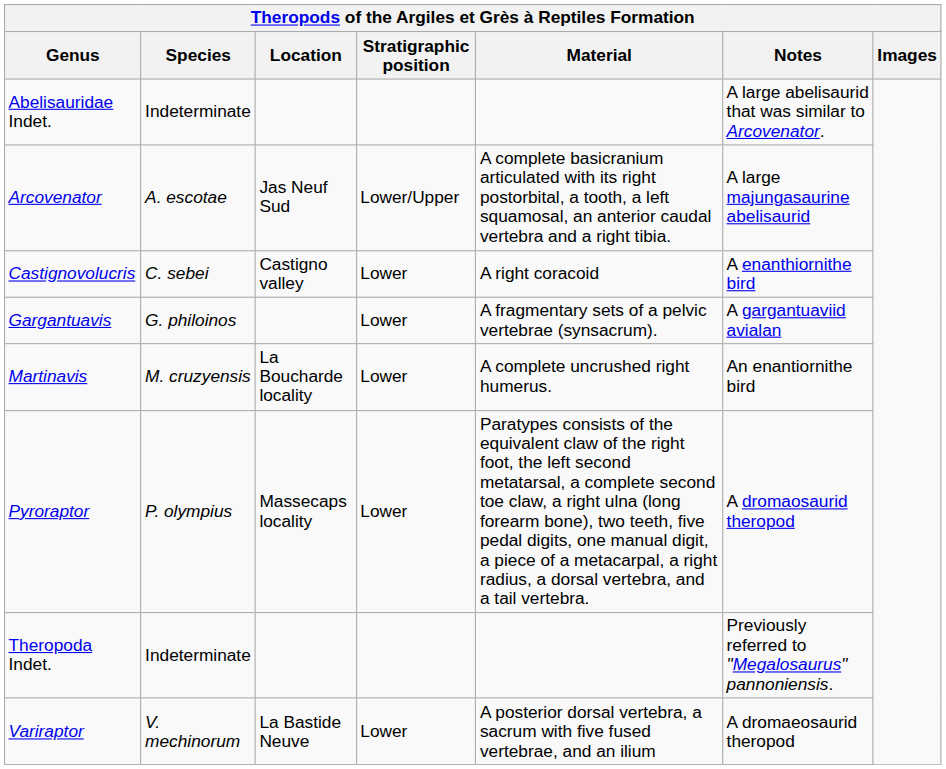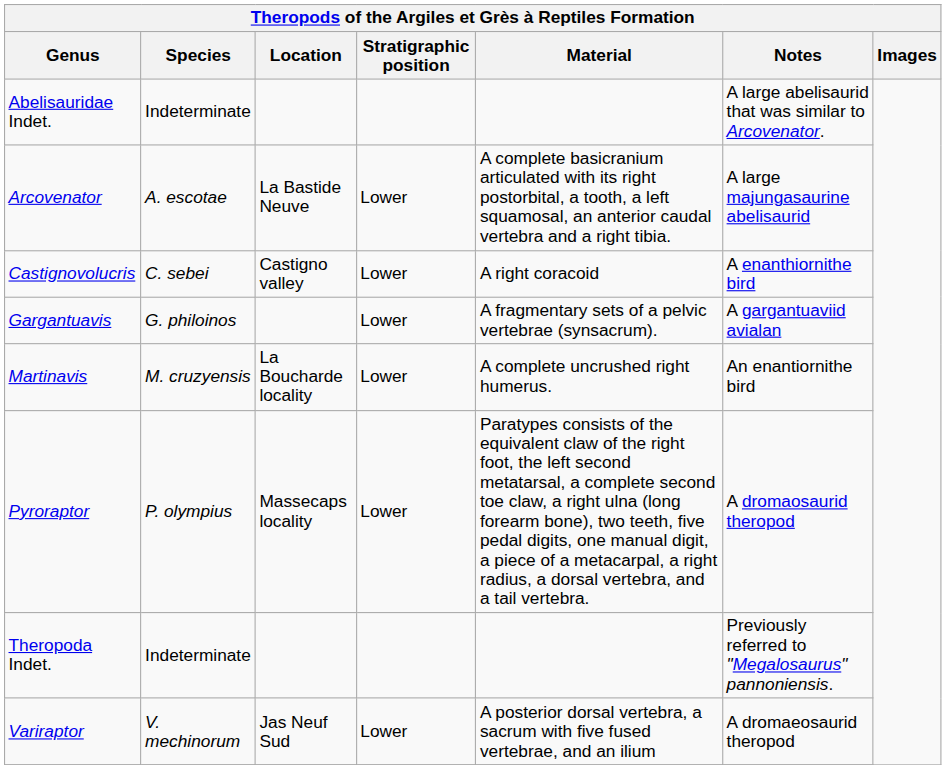 <table class="wikitable" align="center">
 <tr>
 <th colspan="7" align="center"><a href='#'>Theropods</a> of the Argiles et Grès à Reptiles Formation</th>
 </tr>
 <tr>
 <th>Genus</th>
 <th>Species</th>
 <th>Location</th>
 <th>Stratigraphic position</th>
 <th>Material</th>
 <th>Notes</th>
 <th>Images</th>
 </tr>
 <tr>
 <td><a href='#'>Abelisauridae</a> Indet.</td>
 <td>Indeterminate</td>
 <td></td>
 <td></td>
 <td></td>
 <td>A large abelisaurid that was similar to <em><a href='#'>Arcovenator</a></em>.</td>
 <td rowspan = 100><br>   </td>
 </tr>
 <tr>
 <td><em><a href='#'>Arcovenator</a></em></td>
 <td><em>A. escotae</em></td>
-<td>Jas Neuf Sud</td>
-<td>Lower/Upper</td>
+<td>La Bastide Neuve</td>
+<td>Lower</td>
 <td>A complete basicranium articulated with its right postorbital, a tooth, a left squamosal, an anterior caudal vertebra and a right tibia.</td>
 <td>A large <a href='#'>majungasaurine</a> <a href='#'>abelisaurid</a></td>
 </tr>
 <tr>
 <td><em><a href='#'>Castignovolucris</a></em></td>
 <td><em>C. sebei</em></td>
 <td>Castigno valley</td>
 <td>Lower</td>
 <td>A right coracoid</td>
 <td>A <a href='#'>enanthiornithe</a> <a href='#'>bird</a></td>
 </tr>
 <tr>
 <td><em><a href='#'>Gargantuavis</a></em></td>
 <td><em>G. philoinos</em></td>
 <td></td>
 <td>Lower</td>
 <td>A fragmentary sets of a pelvic vertebrae (synsacrum).</td>
 <td>A <a href='#'>gargantuaviid</a> <a href='#'>avialan</a></td>
 </tr>
 <tr>
 <td><em><a href='#'>Martinavis</a></em></td>
 <td><em>M. cruzyensis</em></td>
 <td>La Boucharde locality</td>
 <td>Lower</td>
 <td>A complete uncrushed right humerus.</td>
 <td>An enantiornithe bird</td>
 </tr>
 <tr>
 <td><em><a href='#'>Pyroraptor</a></em></td>
 <td><em>P. olympius</em></td>
 <td>Massecaps locality</td>
 <td>Lower</td>
 <td>Paratypes consists of the equivalent claw of the right foot, the left second metatarsal, a complete second toe claw, a right ulna (long forearm bone), two teeth, five pedal digits, one manual digit, a piece of a metacarpal, a right radius, a dorsal vertebra, and a tail vertebra.</td>
 <td>A <a href='#'>dromaosaurid</a> <a href='#'>theropod</a></td>
 </tr>
 <tr>
 <td><a href='#'>Theropoda</a> Indet.</td>
 <td>Indeterminate</td>
 <td></td>
 <td></td>
 <td></td>
 <td>Previously referred to <em>"<a href='#'>Megalosaurus</a>" pannoniensis</em>.</td>
 </tr>
 <tr>
 <td><em><a href='#'>Variraptor</a></em></td>
 <td><em>V. mechinorum</em></td>
-<td>La Bastide Neuve</td>
+<td>Jas Neuf Sud</td>
 <td>Lower</td>
 <td>A posterior dorsal vertebra, a sacrum with five fused vertebrae, and an ilium</td>
 <td>A dromaeosaurid theropod</td>
 </tr>
 <tr>
 </tr>
 </table>
